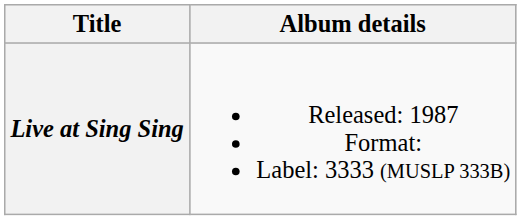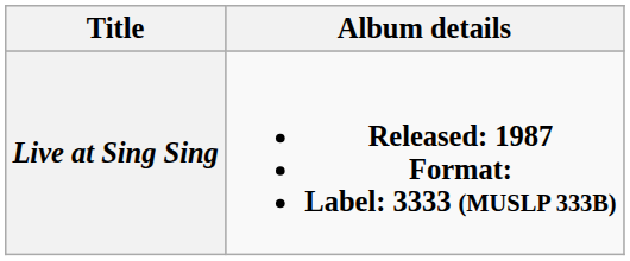 <table class="wikitable plainrowheaders" style="text-align:center;" border="1">
 <tr>
 <th>Title</th>
 <th>Album details</th>
 </tr>
 <tr>
 <th scope="row"><em>Live at Sing Sing</em></th>
-<td><br><ul><li>Released: 1987</li><li>Format:</li><li>Label: 3333 <small>(MUSLP 333B)</small></li></ul></td>
+<td><strong><br><ul><li>Released: 1987</li><li>Format:</li><li>Label: 3333 <small>(MUSLP 333B)</small></li></ul></strong></td>
 </tr>
 </table>
